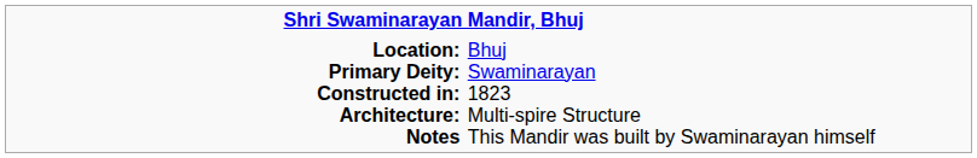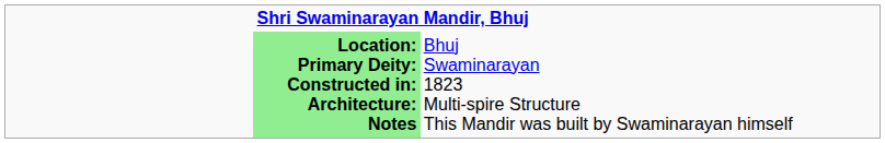 <table class="wikitable plain" border="0" width="800">
 <tr>
 <td width="220px" rowspan="2" style="border:none;"></td>
 <td valign="top" colspan=2 style="border:none;"><strong><a href='#'>Shri Swaminarayan Mandir, Bhuj</a></strong></td>
 </tr>
 <tr>
-<td valign="top" style="text-align:right; border:none;"><strong>Location:</strong> <br><strong>Primary Deity:</strong><br><strong>Constructed in:</strong><br><strong>Architecture:</strong><br><strong>Notes</strong></td>
+<td valign="top" style="background: lightgreen; text-align:right; border:none;"><strong>Location:</strong> <br><strong>Primary Deity:</strong><br><strong>Constructed in:</strong><br><strong>Architecture:</strong><br><strong>Notes</strong></td>
 <td valign="top" style="border:none;"><a href='#'>Bhuj</a><br><a href='#'>Swaminarayan</a> <br>1823 <br>Multi-spire Structure  <br>This Mandir was built by Swaminarayan himself</td>
 </tr>
 </table>
